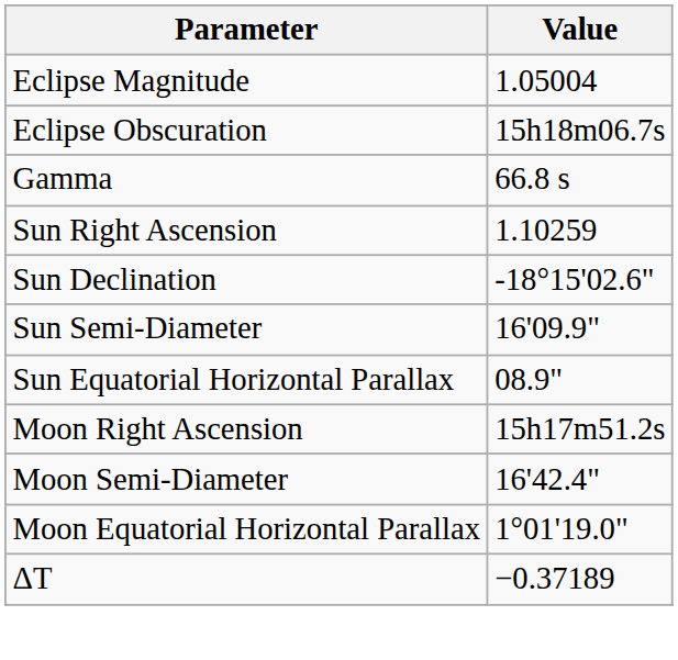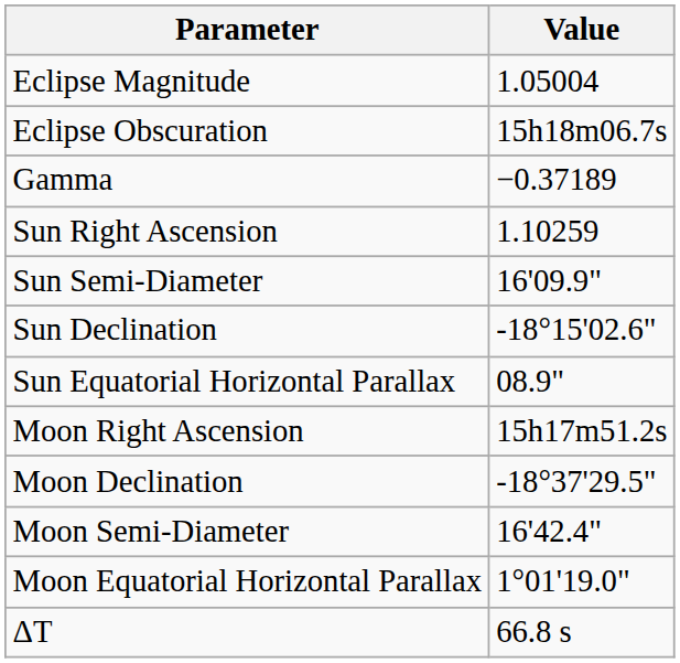 <table class="wikitable">
 <tr>
 <th>Parameter</th>
 <th>Value</th>
 </tr>
 <tr>
 <td>Eclipse Magnitude</td>
 <td>1.05004</td>
 </tr>
 <tr>
 <td>Eclipse Obscuration</td>
 <td>15h18m06.7s</td>
 </tr>
 <tr>
 <td>Gamma</td>
-<td>66.8 s</td>
+<td>−0.37189</td>
 </tr>
 <tr>
 <td>Sun Right Ascension</td>
 <td>1.10259</td>
 </tr>
 <tr>
+<td>Sun Semi-Diameter</td>
+<td>16'09.9"</td>
+</tr>
+<tr>
 <td>Sun Declination</td>
 <td>-18°15'02.6"</td>
-</tr>
-<tr>
-<td>Sun Semi-Diameter</td>
-<td>16'09.9"</td>
 </tr>
 <tr>
 <td>Sun Equatorial Horizontal Parallax</td>
 <td>08.9"</td>
 </tr>
 <tr>
 <td>Moon Right Ascension</td>
 <td>15h17m51.2s</td>
+</tr>
+<tr>
+<td>Moon Declination</td>
+<td>-18°37'29.5"</td>
 </tr>
 <tr>
 <td>Moon Semi-Diameter</td>
 <td>16'42.4"</td>
 </tr>
 <tr>
 <td>Moon Equatorial Horizontal Parallax</td>
 <td>1°01'19.0"</td>
 </tr>
 <tr>
 <td>ΔT</td>
-<td>−0.37189</td>
+<td>66.8 s</td>
 </tr>
 </table>
